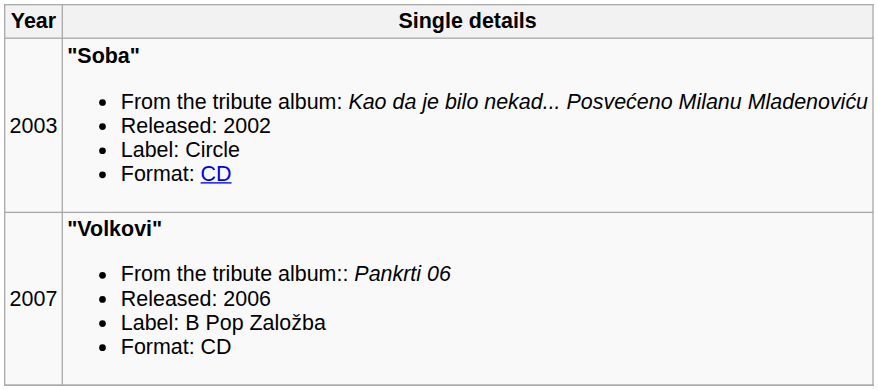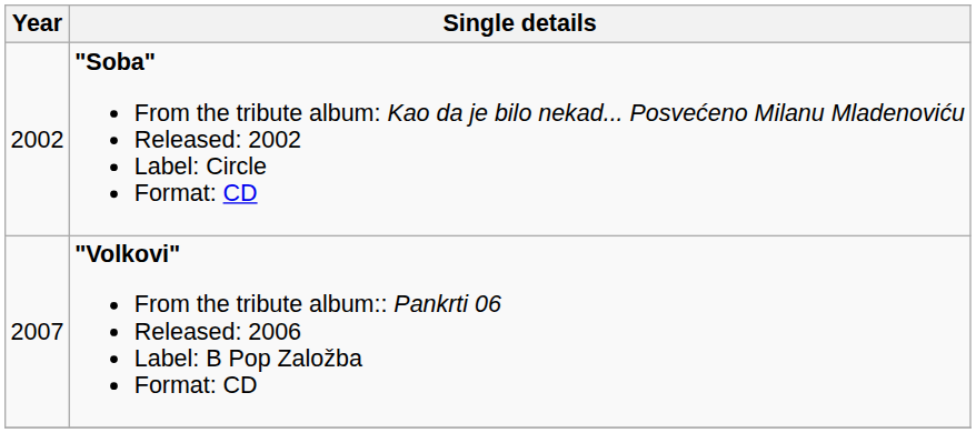 <table class ="wikitable">
 <tr>
 <th>Year</th>
 <th>Single details</th>
 </tr>
 <tr>
-<td align="center" rowspan="1">2003</td>
+<td align="center" rowspan="1">2002</td>
 <td><strong>"Soba"</strong><br><ul><li>From the tribute album: <em>Kao da je bilo nekad... Posvećeno Milanu Mladenoviću</em></li><li>Released: 2002</li><li>Label: Circle</li><li>Format: <a href='#'>CD</a></li></ul></td>
 </tr>
 <tr>
 <td align="center" rowspan="1">2007</td>
 <td><strong>"Volkovi"</strong><br><ul><li>From the tribute album:: <em>Pankrti 06</em></li><li>Released: 2006</li><li>Label: B Pop Založba</li><li>Format: CD</li></ul></td>
 </tr>
 <tr>
 </tr>
 </table>
